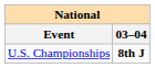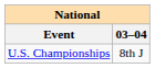 <table class="wikitable" style="text-align:center">
 <tr>
 <th colspan="2" style="background-color: #ffdead; " align="center">National</th>
 </tr>
 <tr>
 <th>Event</th>
 <th>03–04</th>
 </tr>
 <tr>
 <td align=left><a href='#'>U.S. Championships</a></td>
-<td><strong>8th J</strong></td>
+<td>8th J</td>
 </tr>
 </table>
